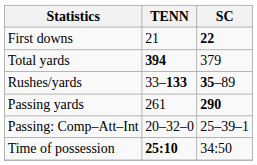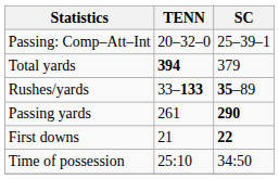 <table class="wikitable" style="float: left;">
 <tr>
 <th>Statistics</th>
 <th>TENN</th>
 <th>SC</th>
 </tr>
 <tr>
-<td>First downs</td>
-<td>21</td>
-<td><strong>22</strong></td>
+<td>Passing: Comp–Att–Int</td>
+<td>20–32–0</td>
+<td>25–39–1</td>
 </tr>
 <tr>
 <td>Total yards</td>
 <td><strong>394</strong></td>
 <td>379</td>
 </tr>
 <tr>
 <td>Rushes/yards</td>
 <td>33–<strong>133</strong></td>
 <td><strong>35</strong>–89</td>
 </tr>
 <tr>
 <td>Passing yards</td>
 <td>261</td>
 <td><strong>290</strong></td>
 </tr>
 <tr>
-<td>Passing: Comp–Att–Int</td>
-<td>20–32–0</td>
-<td>25–39–1</td>
+<td>First downs</td>
+<td>21</td>
+<td><strong>22</strong></td>
 </tr>
 <tr>
 <td>Time of possession</td>
-<td><strong>25:10</strong></td>
+<td>25:10</td>
 <td>34:50</td>
 </tr>
 <tr>
 </tr>
 </table>
